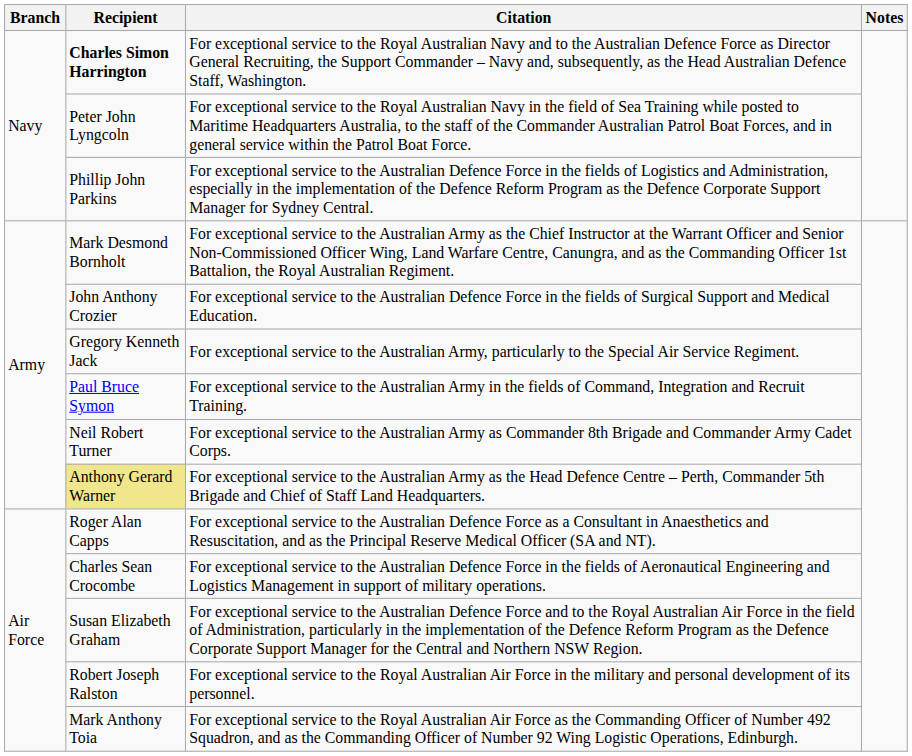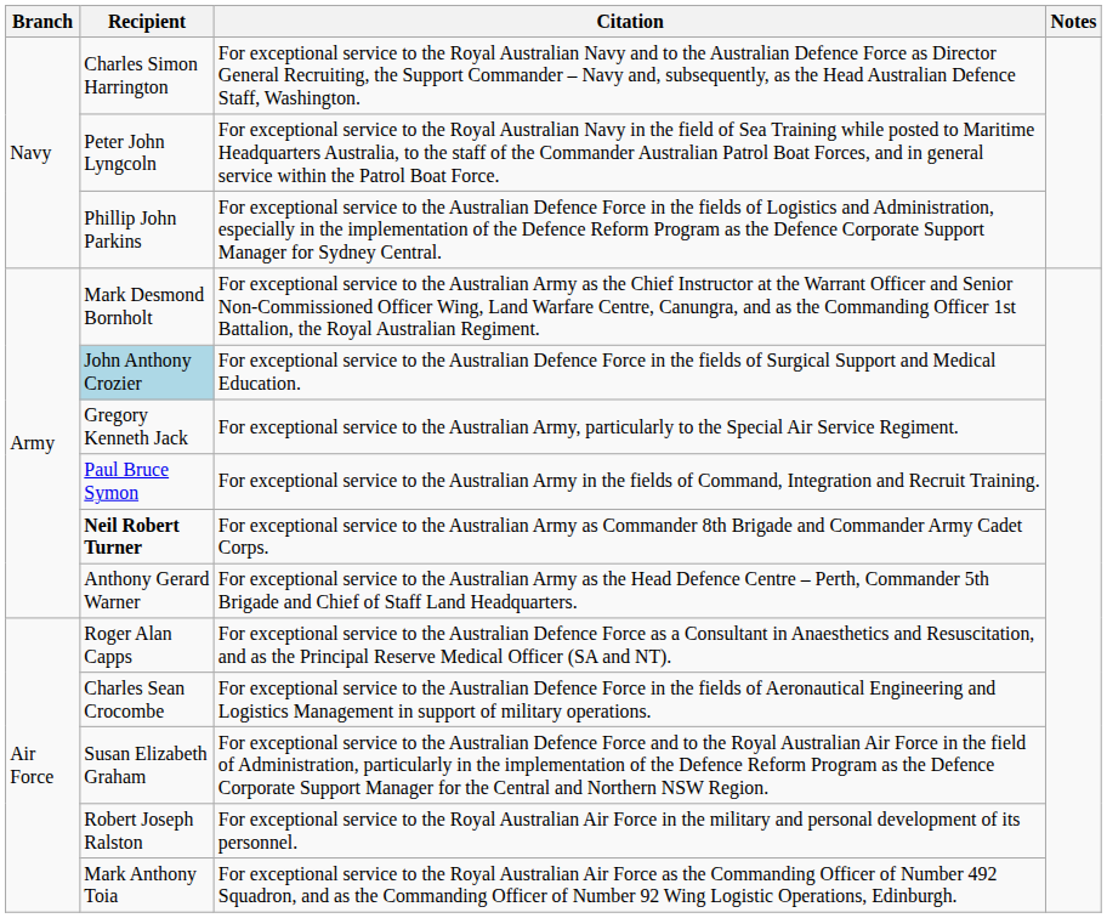 <table class="wikitable" style="font-size:95%;">
 <tr>
 <th>Branch</th>
 <th>Recipient</th>
 <th>Citation</th>
 <th>Notes</th>
 </tr>
 <tr>
 <td rowspan=3>Navy</td>
-<td><strong> Charles Simon Harrington</strong></td>
+<td> Charles Simon Harrington</td>
 <td>For exceptional service to the Royal Australian Navy and to the Australian Defence Force as Director General Recruiting, the Support Commander – Navy and, subsequently, as the Head Australian Defence Staff, Washington.</td>
 </tr>
 <tr>
 <td> Peter John Lyngcoln</td>
 <td>For exceptional service to the Royal Australian Navy in the field of Sea Training while posted to Maritime Headquarters Australia, to the staff of the Commander Australian Patrol Boat Forces, and in general service within the Patrol Boat Force.</td>
 </tr>
 <tr>
 <td> Phillip John Parkins</td>
 <td>For exceptional service to the Australian Defence Force in the fields of Logistics and Administration, especially in the implementation of the Defence Reform Program as the Defence Corporate Support Manager for Sydney Central.</td>
 </tr>
 <tr>
 <td rowspan="6">Army</td>
 <td> Mark Desmond Bornholt</td>
 <td>For exceptional service to the Australian Army as the Chief Instructor at the Warrant Officer and Senior Non-Commissioned Officer Wing, Land Warfare Centre, Canungra, and as the Commanding Officer 1st Battalion, the Royal Australian Regiment.</td>
 <td rowspan="13"></td>
 </tr>
 <tr>
-<td> John Anthony Crozier</td>
+<td style="background: lightblue;"> John Anthony Crozier</td>
 <td>For exceptional service to the Australian Defence Force in the fields of Surgical Support and Medical Education.</td>
 </tr>
 <tr>
 <td> Gregory Kenneth Jack</td>
 <td>For exceptional service to the Australian Army, particularly to the Special Air Service Regiment.</td>
 </tr>
 <tr>
 <td> <a href='#'>Paul Bruce Symon</a></td>
 <td>For exceptional service to the Australian Army in the fields of Command, Integration and Recruit Training.</td>
 </tr>
 <tr>
-<td> Neil Robert Turner</td>
+<td><strong> Neil Robert Turner</strong></td>
 <td>For exceptional service to the Australian Army as Commander 8th Brigade and Commander Army Cadet Corps.</td>
 </tr>
 <tr>
-<td style="background: khaki;"> Anthony Gerard Warner </td>
+<td> Anthony Gerard Warner </td>
 <td>For exceptional service to the Australian Army as the Head Defence Centre – Perth, Commander 5th Brigade and Chief of Staff Land Headquarters.</td>
 </tr>
 <tr>
 <td rowspan=5>Air Force</td>
 <td> Roger Alan Capps</td>
 <td>For exceptional service to the Australian Defence Force as a Consultant in Anaesthetics and Resuscitation, and as the Principal Reserve Medical Officer (SA and NT).</td>
 </tr>
 <tr>
 <td> Charles Sean Crocombe</td>
 <td>For exceptional service to the Australian Defence Force in the fields of Aeronautical Engineering and Logistics Management in support of military operations.</td>
 </tr>
 <tr>
 <td> Susan Elizabeth Graham</td>
 <td>For exceptional service to the Australian Defence Force and to the Royal Australian Air Force in the field of Administration, particularly in the implementation of the Defence Reform Program as the Defence Corporate Support Manager for the Central and Northern NSW Region.</td>
 </tr>
 <tr>
 <td> Robert Joseph Ralston</td>
 <td>For exceptional service to the Royal Australian Air Force in the military and personal development of its personnel.</td>
 </tr>
 <tr>
 <td> Mark Anthony Toia</td>
 <td>For exceptional service to the Royal Australian Air Force as the Commanding Officer of Number 492 Squadron, and as the Commanding Officer of Number 92 Wing Logistic Operations, Edinburgh.</td>
 </tr>
 </table>
